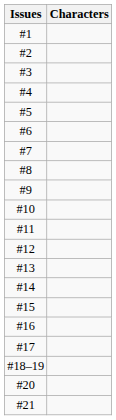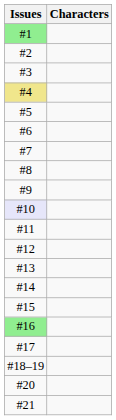 <table class="wikitable plainrowheaders" style="text-align:center;" border="1">
 <tr>
 <th scope="col">Issues</th>
 <th scope="col">Characters</th>
 </tr>
 <tr>
-<td>#1</td>
+<td style="background: lightgreen;">#1</td>
 <td></td>
 </tr>
 <tr>
 <td>#2</td>
 <td></td>
 </tr>
 <tr>
 <td>#3</td>
 <td></td>
 </tr>
 <tr>
-<td>#4</td>
+<td style="background: khaki;">#4</td>
 <td></td>
 </tr>
 <tr>
 <td>#5</td>
 <td></td>
 </tr>
 <tr>
 <td>#6</td>
 <td></td>
 </tr>
 <tr>
 <td>#7</td>
 <td></td>
 </tr>
 <tr>
 <td>#8</td>
 <td></td>
 </tr>
 <tr>
 <td>#9</td>
 <td></td>
 </tr>
 <tr>
-<td>#10</td>
+<td style="background: lavender;">#10</td>
 <td></td>
 </tr>
 <tr>
 <td>#11</td>
 <td></td>
 </tr>
 <tr>
 <td>#12</td>
 <td></td>
 </tr>
 <tr>
 <td>#13</td>
 <td></td>
 </tr>
 <tr>
 <td>#14</td>
 <td></td>
 </tr>
 <tr>
 <td>#15</td>
 <td></td>
 </tr>
 <tr>
-<td>#16</td>
+<td style="background: lightgreen;">#16</td>
 <td></td>
 </tr>
 <tr>
 <td>#17</td>
 <td></td>
 </tr>
 <tr>
 <td>#18–19</td>
 <td></td>
 </tr>
 <tr>
 <td>#20</td>
 <td></td>
 </tr>
 <tr>
 <td>#21</td>
 <td></td>
 </tr>
 </table>
